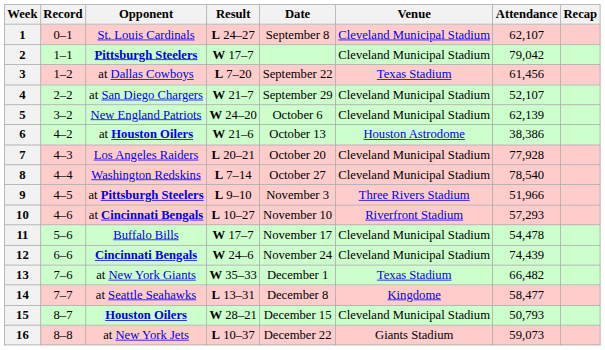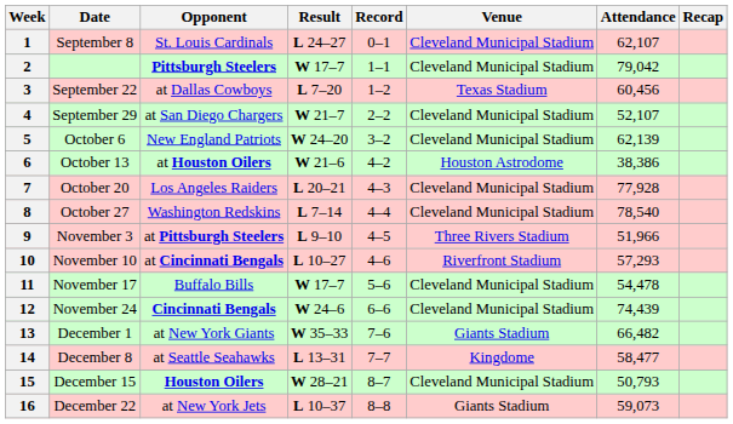 <table class="wikitable" style="text-align:center">
 <tr>
 <th>Week</th>
-<th>Record</th>
+<th>Date</th>
 <th>Opponent</th>
 <th>Result</th>
-<th>Date</th>
+<th>Record</th>
 <th>Venue</th>
 <th>Attendance</th>
 <th>Recap</th>
 </tr>
 <tr style="background:#fcc">
 <th>1</th>
-<td>0–1</td>
+<td>September 8</td>
 <td><a href='#'>St. Louis Cardinals</a></td>
 <td><strong>L</strong> 24–27</td>
-<td>September 8</td>
+<td>0–1</td>
 <td><a href='#'>Cleveland Municipal Stadium</a></td>
 <td>62,107</td>
 <td></td>
 </tr>
 <tr style="background:#cfc">
 <th>2</th>
-<td>1–1</td>
+<td></td>
 <td><strong><a href='#'>Pittsburgh Steelers</a></strong></td>
 <td><strong>W</strong> 17–7</td>
-<td></td>
+<td>1–1</td>
 <td>Cleveland Municipal Stadium</td>
 <td>79,042</td>
 <td></td>
 </tr>
 <tr style="background:#fcc">
 <th>3</th>
-<td>1–2</td>
+<td>September 22</td>
 <td>at <a href='#'>Dallas Cowboys</a></td>
 <td><strong>L</strong> 7–20</td>
-<td>September 22</td>
+<td>1–2</td>
 <td><a href='#'>Texas Stadium</a></td>
-<td>61,456</td>
+<td>60,456</td>
 <td></td>
 </tr>
 <tr style="background:#cfc">
 <th>4</th>
-<td>2–2</td>
+<td>September 29</td>
 <td>at <a href='#'>San Diego Chargers</a></td>
 <td><strong>W</strong> 21–7</td>
-<td>September 29</td>
+<td>2–2</td>
 <td>Cleveland Municipal Stadium</td>
 <td>52,107</td>
 <td></td>
 </tr>
 <tr style="background:#cfc">
 <th>5</th>
-<td>3–2</td>
+<td>October 6</td>
 <td><a href='#'>New England Patriots</a></td>
 <td><strong>W</strong> 24–20</td>
-<td>October 6</td>
+<td>3–2</td>
 <td>Cleveland Municipal Stadium</td>
 <td>62,139</td>
 <td></td>
 </tr>
 <tr style="background:#cfc">
 <th>6</th>
-<td>4–2</td>
+<td>October 13</td>
 <td>at <strong><a href='#'>Houston Oilers</a></strong></td>
 <td><strong>W</strong> 21–6</td>
-<td>October 13</td>
+<td>4–2</td>
 <td><a href='#'>Houston Astrodome</a></td>
 <td>38,386</td>
 <td></td>
 </tr>
 <tr style="background:#fcc">
 <th>7</th>
-<td>4–3</td>
+<td>October 20</td>
 <td><a href='#'>Los Angeles Raiders</a></td>
 <td><strong>L</strong> 20–21</td>
-<td>October 20</td>
+<td>4–3</td>
 <td>Cleveland Municipal Stadium</td>
 <td>77,928</td>
 <td></td>
 </tr>
 <tr style="background:#fcc">
 <th>8</th>
-<td>4–4</td>
+<td>October 27</td>
 <td><a href='#'>Washington Redskins</a></td>
 <td><strong>L</strong> 7–14</td>
-<td>October 27</td>
+<td>4–4</td>
 <td>Cleveland Municipal Stadium</td>
 <td>78,540</td>
 <td></td>
 </tr>
 <tr style="background:#fcc">
 <th>9</th>
-<td>4–5</td>
+<td>November 3</td>
 <td>at <strong><a href='#'>Pittsburgh Steelers</a></strong></td>
 <td><strong>L</strong> 9–10</td>
-<td>November 3</td>
+<td>4–5</td>
 <td><a href='#'>Three Rivers Stadium</a></td>
 <td>51,966</td>
 <td></td>
 </tr>
 <tr style="background:#fcc">
 <th>10</th>
-<td>4–6</td>
+<td>November 10</td>
 <td>at <strong><a href='#'>Cincinnati Bengals</a></strong></td>
 <td><strong>L</strong> 10–27</td>
-<td>November 10</td>
+<td>4–6</td>
 <td><a href='#'>Riverfront Stadium</a></td>
 <td>57,293</td>
 <td></td>
 </tr>
 <tr style="background:#cfc">
 <th>11</th>
-<td>5–6</td>
+<td>November 17</td>
 <td><a href='#'>Buffalo Bills</a></td>
 <td><strong>W</strong> 17–7</td>
-<td>November 17</td>
+<td>5–6</td>
 <td>Cleveland Municipal Stadium</td>
 <td>54,478</td>
 <td></td>
 </tr>
 <tr style="background:#cfc">
 <th>12</th>
-<td>6–6</td>
+<td>November 24</td>
 <td><strong><a href='#'>Cincinnati Bengals</a></strong></td>
 <td><strong>W</strong> 24–6</td>
-<td>November 24</td>
+<td>6–6</td>
 <td>Cleveland Municipal Stadium</td>
 <td>74,439</td>
 <td></td>
 </tr>
 <tr style="background:#cfc">
 <th>13</th>
-<td>7–6</td>
+<td>December 1</td>
 <td>at <a href='#'>New York Giants</a></td>
 <td><strong>W</strong> 35–33</td>
-<td>December 1</td>
-<td><a href='#'>Texas Stadium</a></td>
+<td>7–6</td>
+<td><a href='#'>Giants Stadium</a></td>
 <td>66,482</td>
 <td></td>
 </tr>
 <tr style="background:#fcc">
 <th>14</th>
-<td>7–7</td>
+<td>December 8</td>
 <td>at <a href='#'>Seattle Seahawks</a></td>
 <td><strong>L</strong> 13–31</td>
-<td>December 8</td>
+<td>7–7</td>
 <td><a href='#'>Kingdome</a></td>
 <td>58,477</td>
 <td></td>
 </tr>
 <tr style="background:#cfc">
 <th>15</th>
-<td>8–7</td>
+<td>December 15</td>
 <td><strong><a href='#'>Houston Oilers</a></strong></td>
 <td><strong>W</strong> 28–21</td>
-<td>December 15</td>
+<td>8–7</td>
 <td>Cleveland Municipal Stadium</td>
 <td>50,793</td>
 <td></td>
 </tr>
 <tr style="background:#fcc">
 <th>16</th>
-<td>8–8</td>
+<td>December 22</td>
 <td>at <a href='#'>New York Jets</a></td>
 <td><strong>L</strong> 10–37</td>
-<td>December 22</td>
+<td>8–8</td>
 <td>Giants Stadium</td>
 <td>59,073</td>
 <td></td>
 </tr>
 </table>
